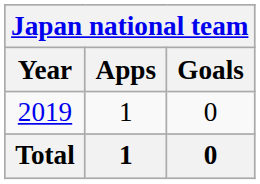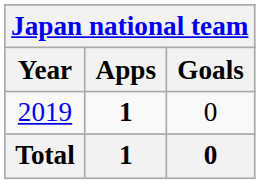 <table class="wikitable" style="text-align:center">
 <tr>
 <th colspan="3"><a href='#'>Japan national team</a></th>
 </tr>
 <tr>
 <th>Year</th>
 <th>Apps</th>
 <th>Goals</th>
 </tr>
 <tr>
 <td><a href='#'>2019</a></td>
-<td>1</td>
+<td><strong>1</strong></td>
 <td>0</td>
 </tr>
 <tr>
 <th>Total</th>
 <th>1</th>
 <th>0</th>
 </tr>
 </table>
